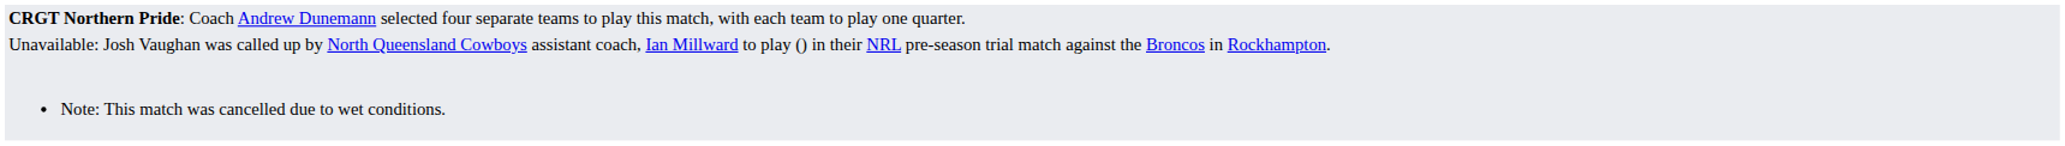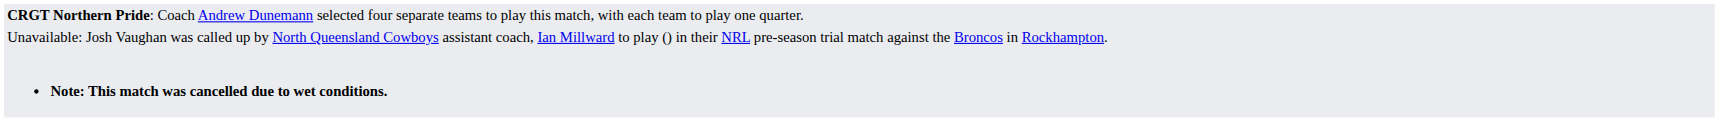 <table style="background:#eaecf0; font-size:85%; width:100%;">
 <tr>
 <td><strong>CRGT Northern Pride</strong>: Coach <a href='#'>Andrew Dunemann</a> selected four separate teams to play this match, with each team to play one quarter.</td>
 </tr>
 <tr>
 <td>Unavailable: Josh Vaughan was called up by <a href='#'>North Queensland Cowboys</a> assistant coach, <a href='#'>Ian Millward</a> to play () in their <a href='#'>NRL</a> pre-season trial match against the <a href='#'>Broncos</a> in <a href='#'>Rockhampton</a>.</td>
 </tr>
 <tr>
-<td><br><ul><li>Note: This match was cancelled due to wet conditions.</li></ul></td>
+<td><strong><br><ul><li>Note: This match was cancelled due to wet conditions.</li></ul></strong></td>
 </tr>
 </table>
